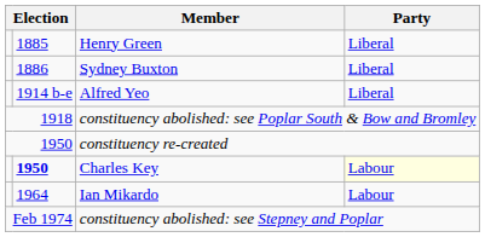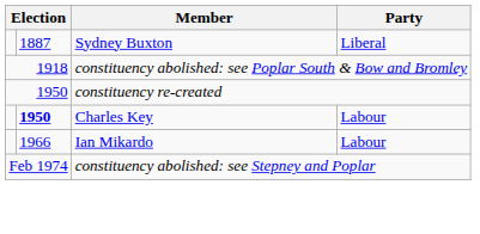 <table class="wikitable">
 <tr>
 <th colspan="2">Election</th>
 <th>Member</th>
 <th>Party</th>
 </tr>
 <tr>
 <td style="color:inherit;background-color: "></td>
-<td><a href='#'>1885</a></td>
-<td><a href='#'>Henry Green</a></td>
-<td><a href='#'>Liberal</a></td>
-</tr>
-<tr>
-<td style="color:inherit;background-color: "></td>
-<td><a href='#'>1886</a></td>
+<td><a href='#'>1887</a></td>
 <td><a href='#'>Sydney Buxton</a></td>
-<td><a href='#'>Liberal</a></td>
-</tr>
-<tr>
-<td style="color:inherit;background-color: "></td>
-<td><a href='#'>1914 b-e</a></td>
-<td><a href='#'>Alfred Yeo</a></td>
 <td><a href='#'>Liberal</a></td>
 </tr>
 <tr>
 <td colspan="2" align="right"><a href='#'>1918</a></td>
 <td colspan="2"><em>constituency abolished: see <a href='#'>Poplar South</a> & <a href='#'>Bow and Bromley</a></em></td>
 </tr>
 <tr>
 <td colspan="2" align="right"><a href='#'>1950</a></td>
 <td colspan="2"><em>constituency re-created</em></td>
 </tr>
 <tr>
 <td style="color:inherit;background-color: "></td>
 <td><strong><a href='#'>1950</a></strong></td>
 <td><a href='#'>Charles Key</a></td>
-<td style="background: lightyellow;"><a href='#'>Labour</a></td>
+<td><a href='#'>Labour</a></td>
 </tr>
 <tr>
 <td style="color:inherit;background-color: "></td>
-<td><a href='#'>1964</a></td>
+<td><a href='#'>1966</a></td>
 <td><a href='#'>Ian Mikardo</a></td>
 <td><a href='#'>Labour</a></td>
 </tr>
 <tr>
 <td colspan="2" align="right"><a href='#'>Feb 1974</a></td>
 <td colspan="2"><em>constituency abolished: see <a href='#'>Stepney and Poplar</a></em></td>
 </tr>
 </table>
